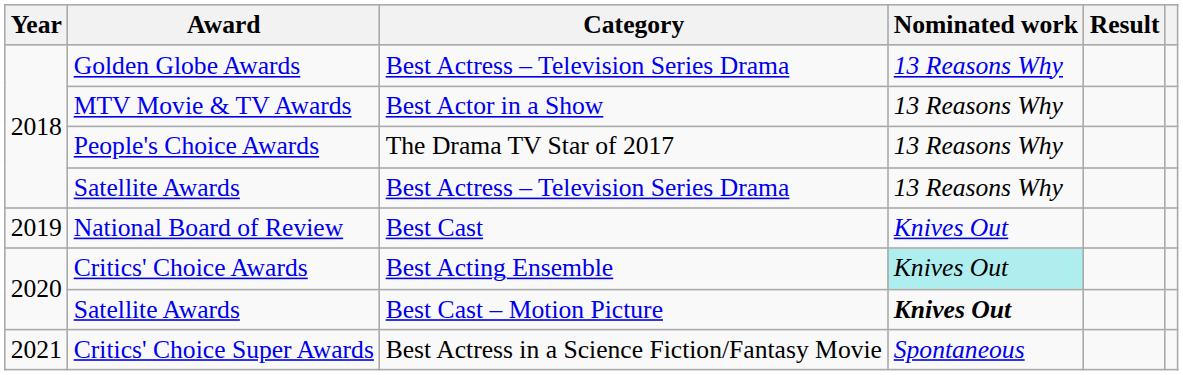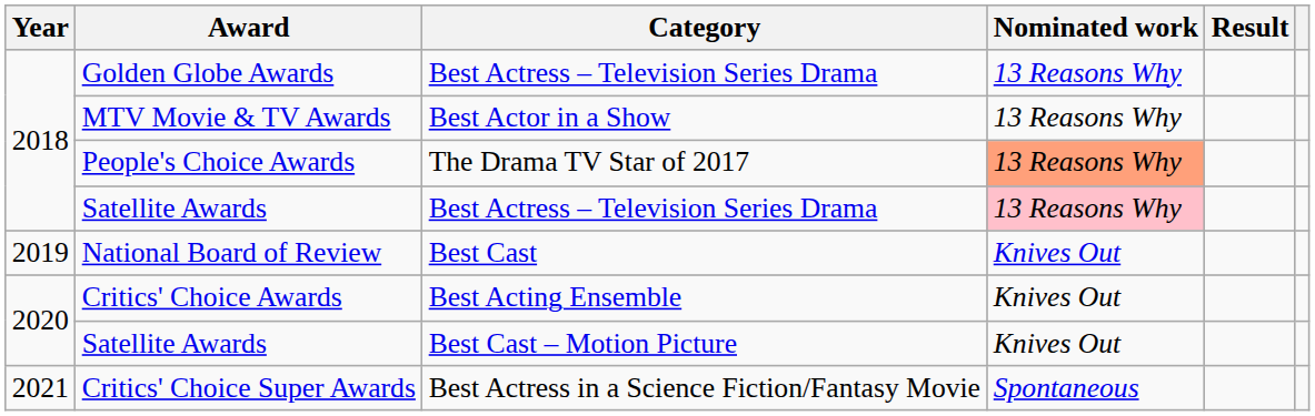 <table class="wikitable sortable plainrowheaders">
 <tr>
 <th>Year</th>
 <th>Award</th>
 <th>Category</th>
 <th>Nominated work</th>
 <th>Result</th>
 <th class="unsortable"></th>
 </tr>
 <tr>
 <td rowspan="4">2018</td>
 <td><a href='#'>Golden Globe Awards</a></td>
 <td><a href='#'>Best Actress – Television Series Drama</a></td>
 <td><em><a href='#'>13 Reasons Why</a></em></td>
 <td></td>
 <td style="text-align: center;"></td>
 </tr>
 <tr>
 <td><a href='#'>MTV Movie & TV Awards</a></td>
 <td><a href='#'>Best Actor in a Show</a></td>
 <td><em>13 Reasons Why</em></td>
 <td></td>
 <td style="text-align: center;"></td>
 </tr>
 <tr>
 <td><a href='#'>People's Choice Awards</a></td>
 <td>The Drama TV Star of 2017</td>
-<td><em>13 Reasons Why</em></td>
+<td style="background: lightsalmon;"><em>13 Reasons Why</em></td>
 <td></td>
 <td></td>
 </tr>
 <tr>
 <td><a href='#'>Satellite Awards</a></td>
 <td><a href='#'>Best Actress – Television Series Drama</a></td>
-<td><em>13 Reasons Why</em></td>
+<td style="background: pink;"><em>13 Reasons Why</em></td>
 <td></td>
 <td style="text-align: center;"></td>
 </tr>
 <tr>
 <td>2019</td>
 <td><a href='#'>National Board of Review</a></td>
 <td><a href='#'>Best Cast</a></td>
 <td><em><a href='#'>Knives Out</a></em></td>
 <td></td>
 <td style="text-align:center;"></td>
 </tr>
 <tr>
 <td rowspan="2">2020</td>
 <td><a href='#'>Critics' Choice Awards</a></td>
 <td><a href='#'>Best Acting Ensemble</a></td>
-<td style="background: paleturquoise;"><em>Knives Out</em></td>
+<td><em>Knives Out</em></td>
 <td></td>
 <td style="text-align: center;"></td>
 </tr>
 <tr>
 <td><a href='#'>Satellite Awards</a></td>
 <td><a href='#'>Best Cast – Motion Picture</a></td>
-<td><strong><em>Knives Out</em></strong></td>
+<td><em>Knives Out</em></td>
 <td></td>
 <td style="text-align: center;"></td>
 </tr>
 <tr>
 <td>2021</td>
 <td><a href='#'>Critics' Choice Super Awards</a></td>
 <td>Best Actress in a Science Fiction/Fantasy Movie</td>
 <td><em><a href='#'>Spontaneous</a></em></td>
 <td></td>
 <td style="text-align: center;"></td>
 </tr>
 </table>
